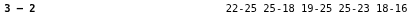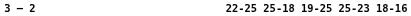 <table style="width:100%;" cellspacing="1">
 <tr>
 <th width=20%></th>
 <th width=12%></th>
 <th width=20%></th>
 <th width=33%></th>
 <td></td>
 </tr>
 <tr style=font-size:90%>
 <td align=right><strong></strong></td>
 <td align=center><strong>3 – 2</strong></td>
 <td></td>
-<td>22-25 25-18 19-25 25-23 18-16</td>
+<td><strong>22-25 25-18 19-25 25-23 18-16</strong></td>
 </tr>
 </table>
